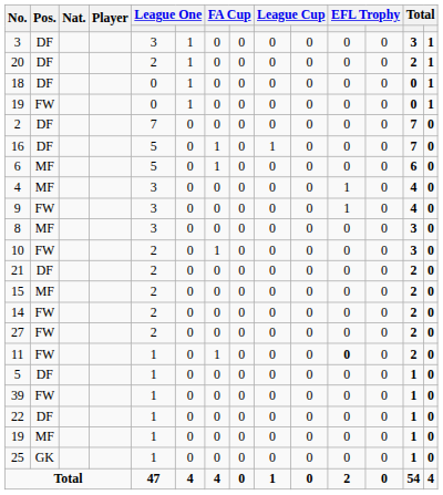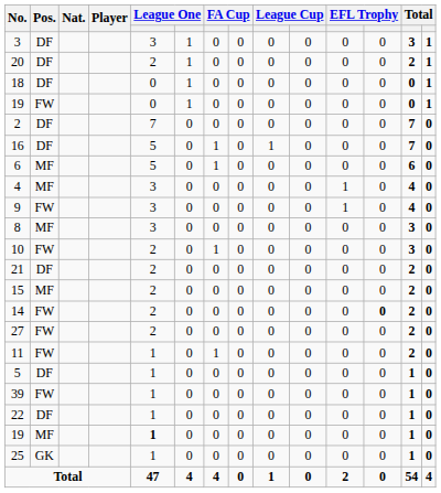 <table class="wikitable sortable" style="text-align:center">
 <tr>
 <th rowspan="2">No.</th>
 <th rowspan="2">Pos.</th>
 <th rowspan="2">Nat.</th>
 <th rowspan="2">Player</th>
 <th colspan="2"><a href='#'>League One</a></th>
 <th colspan="2"><a href='#'>FA Cup</a></th>
 <th colspan="2"><a href='#'>League Cup</a></th>
 <th colspan="2"><a href='#'>EFL Trophy</a></th>
 <th colspan="2">Total</th>
 </tr>
 <tr>
 <th></th>
 <th></th>
 <th></th>
 <th></th>
 <th></th>
 <th></th>
 <th></th>
 <th></th>
 <th></th>
 <th></th>
 </tr>
 <tr>
 <td>3</td>
 <td>DF</td>
 <td></td>
 <td align=left></td>
 <td>3</td>
 <td>1</td>
 <td>0</td>
 <td>0</td>
 <td>0</td>
 <td>0</td>
 <td>0</td>
 <td>0</td>
 <td><strong>3</strong></td>
 <td><strong>1</strong></td>
 </tr>
 <tr>
 <td>20</td>
 <td>DF</td>
 <td></td>
 <td align=left></td>
 <td>2</td>
 <td>1</td>
 <td>0</td>
 <td>0</td>
 <td>0</td>
 <td>0</td>
 <td>0</td>
 <td>0</td>
 <td><strong>2</strong></td>
 <td><strong>1</strong></td>
 </tr>
 <tr>
 <td>18</td>
 <td>DF</td>
 <td></td>
 <td align=left></td>
 <td>0</td>
 <td>1</td>
 <td>0</td>
 <td>0</td>
 <td>0</td>
 <td>0</td>
 <td>0</td>
 <td>0</td>
 <td><strong>0</strong></td>
 <td><strong>1</strong></td>
 </tr>
 <tr>
 <td>19</td>
 <td>FW</td>
 <td></td>
 <td align=left></td>
 <td>0</td>
 <td>1</td>
 <td>0</td>
 <td>0</td>
 <td>0</td>
 <td>0</td>
 <td>0</td>
 <td>0</td>
 <td><strong>0</strong></td>
 <td><strong>1</strong></td>
 </tr>
 <tr>
 <td>2</td>
 <td>DF</td>
 <td></td>
 <td align=left></td>
 <td>7</td>
 <td>0</td>
 <td>0</td>
 <td>0</td>
 <td>0</td>
 <td>0</td>
 <td>0</td>
 <td>0</td>
 <td><strong>7</strong></td>
 <td><strong>0</strong></td>
 </tr>
 <tr>
 <td>16</td>
 <td>DF</td>
 <td></td>
 <td align=left></td>
 <td>5</td>
 <td>0</td>
 <td>1</td>
 <td>0</td>
 <td>1</td>
 <td>0</td>
 <td>0</td>
 <td>0</td>
 <td><strong>7</strong></td>
 <td><strong>0</strong></td>
 </tr>
 <tr>
 <td>6</td>
 <td>MF</td>
 <td></td>
 <td align=left></td>
 <td>5</td>
 <td>0</td>
 <td>1</td>
 <td>0</td>
 <td>0</td>
 <td>0</td>
 <td>0</td>
 <td>0</td>
 <td><strong>6</strong></td>
 <td><strong>0</strong></td>
 </tr>
 <tr>
 <td>4</td>
 <td>MF</td>
 <td></td>
 <td align=left></td>
 <td>3</td>
 <td>0</td>
 <td>0</td>
 <td>0</td>
 <td>0</td>
 <td>0</td>
 <td>1</td>
 <td>0</td>
 <td><strong>4</strong></td>
 <td><strong>0</strong></td>
 </tr>
 <tr>
 <td>9</td>
 <td>FW</td>
 <td></td>
 <td align=left></td>
 <td>3</td>
 <td>0</td>
 <td>0</td>
 <td>0</td>
 <td>0</td>
 <td>0</td>
 <td>1</td>
 <td>0</td>
 <td><strong>4</strong></td>
 <td><strong>0</strong></td>
 </tr>
 <tr>
 <td>8</td>
 <td>MF</td>
 <td></td>
 <td align=left></td>
 <td>3</td>
 <td>0</td>
 <td>0</td>
 <td>0</td>
 <td>0</td>
 <td>0</td>
 <td>0</td>
 <td>0</td>
 <td><strong>3</strong></td>
 <td><strong>0</strong></td>
 </tr>
 <tr>
 <td>10</td>
 <td>FW</td>
 <td></td>
 <td align=left></td>
 <td>2</td>
 <td>0</td>
 <td>1</td>
 <td>0</td>
 <td>0</td>
 <td>0</td>
 <td>0</td>
 <td>0</td>
 <td><strong>3</strong></td>
 <td><strong>0</strong></td>
 </tr>
 <tr>
 <td>21</td>
 <td>DF</td>
 <td></td>
 <td align=left></td>
 <td>2</td>
 <td>0</td>
 <td>0</td>
 <td>0</td>
 <td>0</td>
 <td>0</td>
 <td>0</td>
 <td>0</td>
 <td><strong>2</strong></td>
 <td><strong>0</strong></td>
 </tr>
 <tr>
 <td>15</td>
 <td>MF</td>
 <td></td>
 <td align=left></td>
 <td>2</td>
 <td>0</td>
 <td>0</td>
 <td>0</td>
 <td>0</td>
 <td>0</td>
 <td>0</td>
 <td>0</td>
 <td><strong>2</strong></td>
 <td><strong>0</strong></td>
 </tr>
 <tr>
 <td>14</td>
 <td>FW</td>
 <td></td>
 <td align=left></td>
 <td>2</td>
 <td>0</td>
 <td>0</td>
 <td>0</td>
 <td>0</td>
 <td>0</td>
 <td>0</td>
-<td>0</td>
+<td><strong>0</strong></td>
 <td><strong>2</strong></td>
 <td><strong>0</strong></td>
 </tr>
 <tr>
 <td>27</td>
 <td>FW</td>
 <td></td>
 <td align=left></td>
 <td>2</td>
 <td>0</td>
 <td>0</td>
 <td>0</td>
 <td>0</td>
 <td>0</td>
 <td>0</td>
 <td>0</td>
 <td><strong>2</strong></td>
 <td><strong>0</strong></td>
 </tr>
 <tr>
 <td>11</td>
 <td>FW</td>
 <td></td>
 <td align=left></td>
 <td>1</td>
 <td>0</td>
 <td>1</td>
 <td>0</td>
 <td>0</td>
 <td>0</td>
-<td><strong>0</strong></td>
+<td>0</td>
 <td>0</td>
 <td><strong>2</strong></td>
 <td><strong>0</strong></td>
 </tr>
 <tr>
 <td>5</td>
 <td>DF</td>
 <td></td>
 <td align=left></td>
 <td>1</td>
 <td>0</td>
 <td>0</td>
 <td>0</td>
 <td>0</td>
 <td>0</td>
 <td>0</td>
 <td>0</td>
 <td><strong>1</strong></td>
 <td><strong>0</strong></td>
 </tr>
 <tr>
 <td>39</td>
 <td>FW</td>
 <td></td>
 <td align=left></td>
 <td>1</td>
 <td>0</td>
 <td>0</td>
 <td>0</td>
 <td>0</td>
 <td>0</td>
 <td>0</td>
 <td>0</td>
 <td><strong>1</strong></td>
 <td><strong>0</strong></td>
 </tr>
 <tr>
 <td>22</td>
 <td>DF</td>
 <td></td>
 <td align=left></td>
 <td>1</td>
 <td>0</td>
 <td>0</td>
 <td>0</td>
 <td>0</td>
 <td>0</td>
 <td>0</td>
 <td>0</td>
 <td><strong>1</strong></td>
 <td><strong>0</strong></td>
 </tr>
 <tr>
 <td>19</td>
 <td>MF</td>
 <td></td>
 <td align=left></td>
-<td>1</td>
+<td><strong>1</strong></td>
 <td>0</td>
 <td>0</td>
 <td>0</td>
 <td>0</td>
 <td>0</td>
 <td>0</td>
 <td>0</td>
 <td><strong>1</strong></td>
 <td><strong>0</strong></td>
 </tr>
 <tr>
 <td>25</td>
 <td>GK</td>
 <td></td>
 <td align=left></td>
 <td>1</td>
 <td>0</td>
 <td>0</td>
 <td>0</td>
 <td>0</td>
 <td>0</td>
 <td>0</td>
 <td>0</td>
 <td><strong>1</strong></td>
 <td><strong>0</strong></td>
 </tr>
 <tr class="sortbottom">
 <td colspan=4><strong>Total</strong></td>
 <td><strong>47</strong></td>
 <td><strong>4</strong></td>
 <td><strong>4</strong></td>
 <td><strong>0</strong></td>
 <td><strong>1</strong></td>
 <td><strong>0</strong></td>
 <td><strong>2</strong></td>
 <td><strong>0</strong></td>
 <td><strong>54</strong></td>
 <td><strong>4</strong></td>
 </tr>
 </table>
